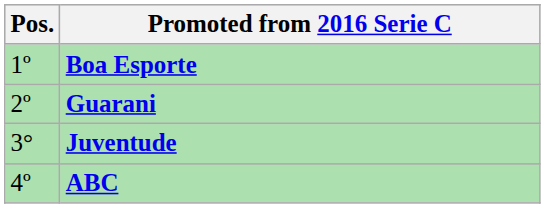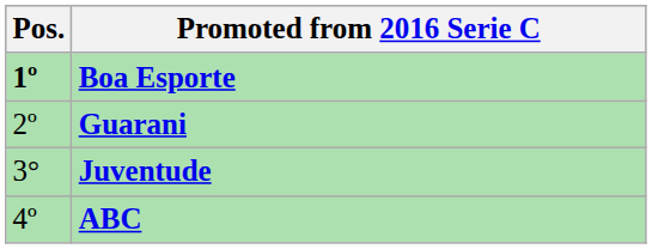 <table class="wikitable">
 <tr>
 <th align="center">Pos.</th>
 <th width=300>Promoted from <a href='#'>2016 Serie C</a></th>
 </tr>
 <tr style="background: #ACE1AF;">
-<td>1º</td>
+<td><strong>1º</strong></td>
 <td><strong><a href='#'>Boa Esporte</a></strong></td>
 </tr>
 <tr style="background: #ACE1AF;">
 <td>2º</td>
 <td><strong><a href='#'>Guarani</a></strong></td>
 </tr>
 <tr style="background: #ACE1AF;">
 <td>3°</td>
 <td><strong><a href='#'>Juventude</a></strong></td>
 </tr>
 <tr style="background: #ACE1AF;">
 <td>4º</td>
 <td><strong><a href='#'>ABC</a></strong></td>
 </tr>
 </table>
